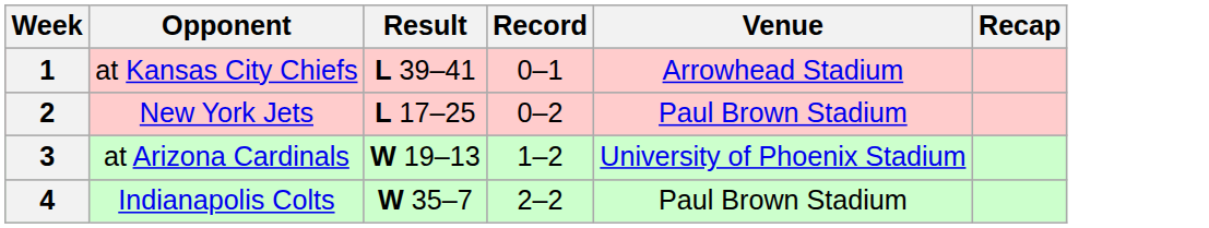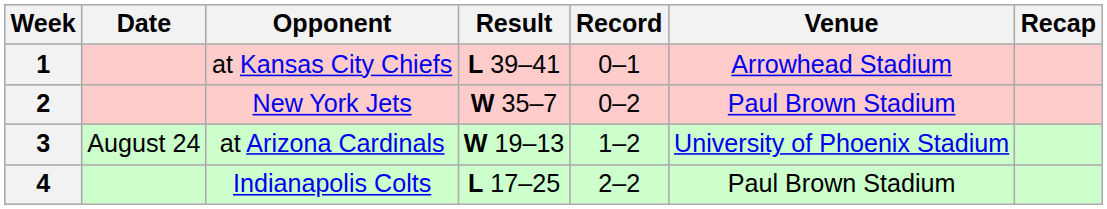 <table class="wikitable" style="text-align:center">
 <tr>
 <th>Week</th>
+<th>Date</th>
 <th>Opponent</th>
 <th>Result</th>
 <th>Record</th>
 <th>Venue</th>
 <th>Recap</th>
 </tr>
 <tr style="background:#fcc">
 <th>1</th>
+<td></td>
 <td>at <a href='#'>Kansas City Chiefs</a></td>
 <td><strong>L</strong> 39–41</td>
 <td>0–1</td>
 <td><a href='#'>Arrowhead Stadium</a></td>
 <td></td>
 </tr>
 <tr style="background:#fcc">
 <th>2</th>
+<td></td>
 <td><a href='#'>New York Jets</a></td>
-<td><strong>L</strong> 17–25</td>
+<td><strong>W</strong> 35–7</td>
 <td>0–2</td>
 <td><a href='#'>Paul Brown Stadium</a></td>
 <td></td>
 </tr>
 <tr style="background:#cfc">
 <th>3</th>
+<td>August 24</td>
 <td>at <a href='#'>Arizona Cardinals</a></td>
 <td><strong>W</strong> 19–13</td>
 <td>1–2</td>
 <td><a href='#'>University of Phoenix Stadium</a></td>
 <td></td>
 </tr>
 <tr style="background:#cfc">
 <th>4</th>
+<td></td>
 <td><a href='#'>Indianapolis Colts</a></td>
-<td><strong>W</strong> 35–7</td>
+<td><strong>L</strong> 17–25</td>
 <td>2–2</td>
 <td>Paul Brown Stadium</td>
 <td></td>
 </tr>
 </table>
